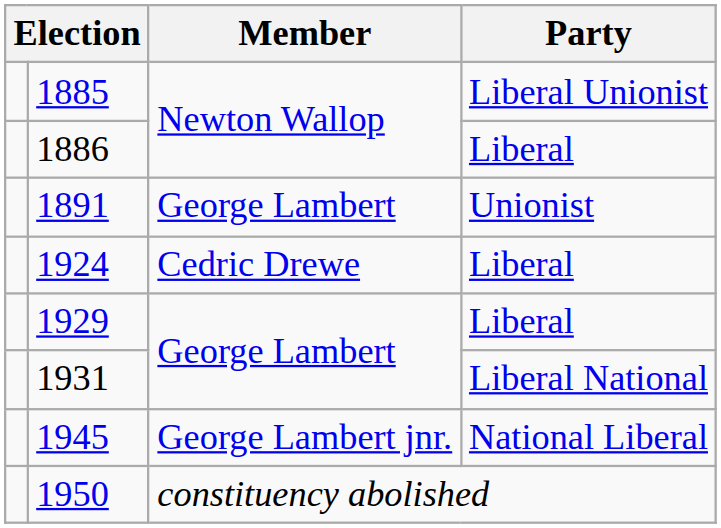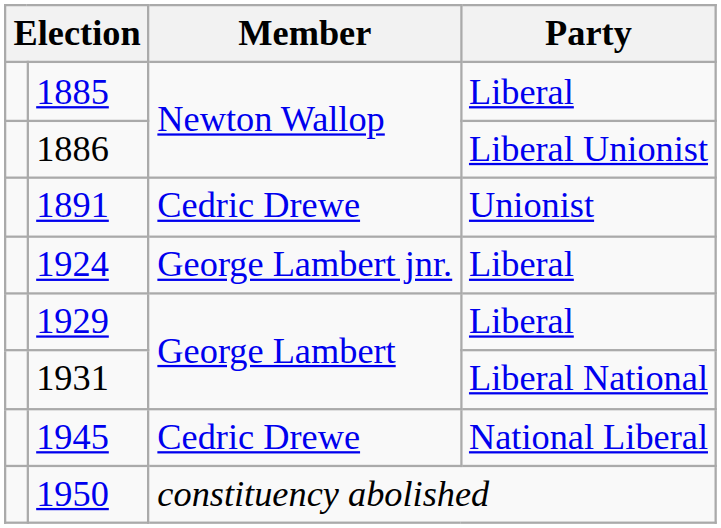 <table class="wikitable">
 <tr>
 <th colspan="2">Election</th>
 <th>Member</th>
 <th>Party</th>
 </tr>
 <tr>
 <td style="color:inherit;background-color: "></td>
 <td><a href='#'>1885</a></td>
 <td rowspan=2><a href='#'>Newton Wallop</a></td>
+<td><a href='#'>Liberal</a></td>
+</tr>
+<tr>
+<td style="color:inherit;background-color: "></td>
+<td>1886</td>
 <td><a href='#'>Liberal Unionist</a></td>
 </tr>
 <tr>
 <td style="color:inherit;background-color: "></td>
-<td>1886</td>
-<td><a href='#'>Liberal</a></td>
-</tr>
-<tr>
-<td style="color:inherit;background-color: "></td>
 <td><a href='#'>1891</a></td>
-<td><a href='#'>George Lambert</a></td>
+<td><a href='#'>Cedric Drewe</a></td>
 <td><a href='#'>Unionist</a></td>
 </tr>
 <tr>
 <td style="color:inherit;background-color: "></td>
 <td><a href='#'>1924</a></td>
-<td><a href='#'>Cedric Drewe</a></td>
+<td><a href='#'>George Lambert jnr.</a></td>
 <td><a href='#'>Liberal</a></td>
 </tr>
 <tr>
 <td style="color:inherit;background-color: "></td>
 <td><a href='#'>1929</a></td>
 <td rowspan=2><a href='#'>George Lambert</a></td>
 <td><a href='#'>Liberal</a></td>
 </tr>
 <tr>
 <td style="color:inherit;background-color: "></td>
 <td>1931</td>
 <td><a href='#'>Liberal National</a></td>
 </tr>
 <tr>
 <td style="color:inherit;background-color: "></td>
 <td><a href='#'>1945</a></td>
-<td><a href='#'>George Lambert jnr.</a></td>
+<td><a href='#'>Cedric Drewe</a></td>
 <td><a href='#'>National Liberal</a></td>
 </tr>
 <tr>
 <td></td>
 <td><a href='#'>1950</a></td>
 <td colspan="2"><em>constituency abolished</em></td>
 </tr>
 </table>
